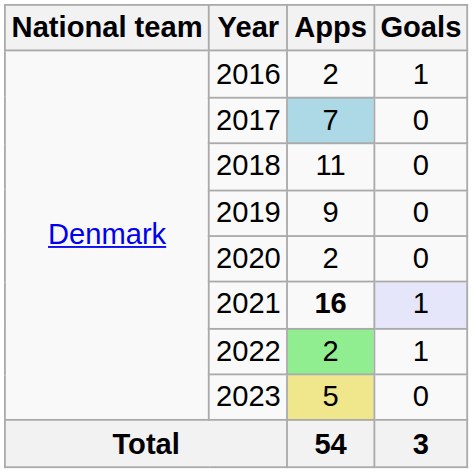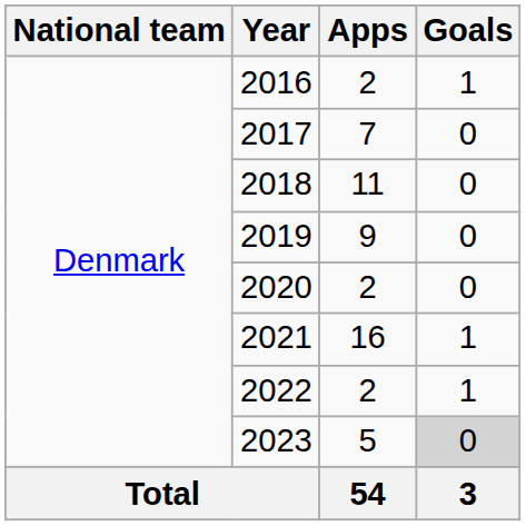 <table class="wikitable" style="text-align:center">
 <tr>
 <th>National team</th>
 <th>Year</th>
 <th>Apps</th>
 <th>Goals</th>
 </tr>
 <tr>
 <td rowspan="8"><a href='#'>Denmark</a></td>
 <td>2016</td>
 <td>2</td>
 <td>1</td>
 </tr>
 <tr>
 <td>2017</td>
-<td style="background: lightblue;">7</td>
+<td>7</td>
 <td>0</td>
 </tr>
 <tr>
 <td>2018</td>
 <td>11</td>
 <td>0</td>
 </tr>
 <tr>
 <td>2019</td>
 <td>9</td>
 <td>0</td>
 </tr>
 <tr>
 <td>2020</td>
 <td>2</td>
 <td>0</td>
 </tr>
 <tr>
 <td>2021</td>
-<td><strong>16</strong></td>
-<td style="background: lavender;">1</td>
+<td>16</td>
+<td>1</td>
 </tr>
 <tr>
 <td>2022</td>
-<td style="background: lightgreen;">2</td>
+<td>2</td>
 <td>1</td>
 </tr>
 <tr>
 <td>2023</td>
-<td style="background: khaki;">5</td>
-<td>0</td>
+<td>5</td>
+<td style="background: lightgrey;">0</td>
 </tr>
 <tr>
 <th colspan="2">Total</th>
 <th>54</th>
 <th>3</th>
 </tr>
 </table>
